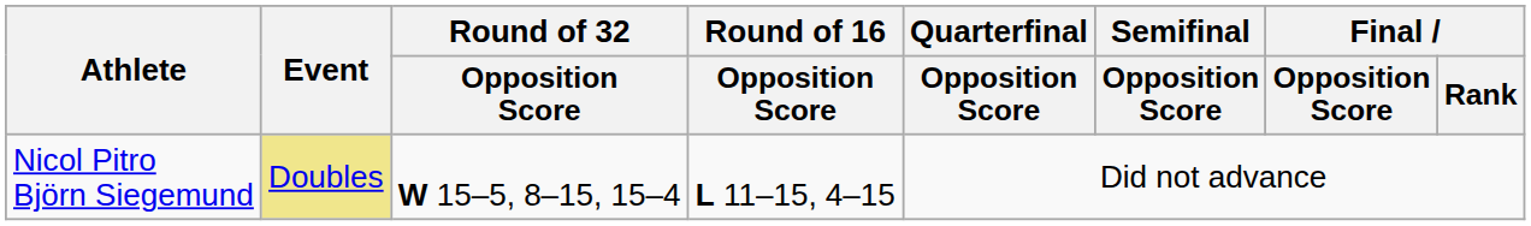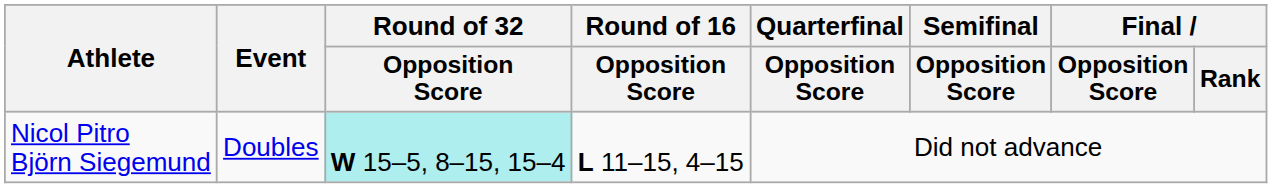 <table class=wikitable style="font-size:90%">
 <tr>
 <th rowspan="2">Athlete</th>
 <th rowspan="2">Event</th>
 <th>Round of 32</th>
 <th>Round of 16</th>
 <th>Quarterfinal</th>
 <th>Semifinal</th>
 <th colspan=2>Final / </th>
 </tr>
 <tr style="font-size:95%">
 <th>Opposition<br>Score</th>
 <th>Opposition<br>Score</th>
 <th>Opposition<br>Score</th>
 <th>Opposition<br>Score</th>
 <th>Opposition<br>Score</th>
 <th>Rank</th>
 </tr>
 <tr align=center>
 <td align=left><a href='#'>Nicol Pitro</a><br><a href='#'>Björn Siegemund</a></td>
-<td align=left style="background: khaki;"><a href='#'>Doubles</a></td>
-<td><br><strong>W</strong> 15–5, 8–15, 15–4</td>
+<td align=left><a href='#'>Doubles</a></td>
+<td style="background: paleturquoise;"><br><strong>W</strong> 15–5, 8–15, 15–4</td>
 <td><br><strong>L</strong> 11–15, 4–15</td>
 <td colspan=4>Did not advance</td>
 </tr>
 </table>
